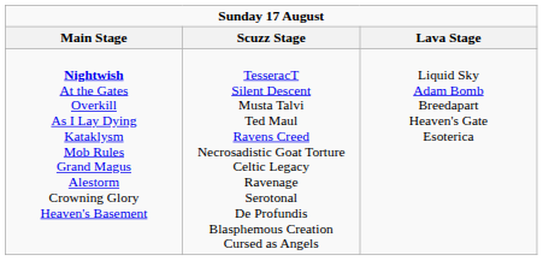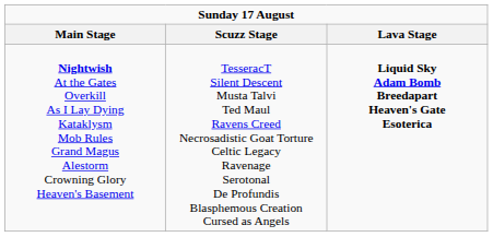 <table class="wikitable">
 <tr>
 <td colspan="3" align="center"><strong>Sunday 17 August</strong></td>
 </tr>
 <tr>
 <th>Main Stage</th>
 <th>Scuzz Stage</th>
 <th>Lava Stage</th>
 </tr>
 <tr>
 <td valign="top" align="center" width=200><br><strong><a href='#'>Nightwish</a></strong><br> <a href='#'>At the Gates</a><br> <a href='#'>Overkill</a><br> <a href='#'>As I Lay Dying</a><br> <a href='#'>Kataklysm</a><br> <a href='#'>Mob Rules</a><br> <a href='#'>Grand Magus</a><br> <a href='#'>Alestorm</a><br> Crowning Glory<br> <a href='#'>Heaven's Basement</a><br></td>
 <td valign="top" align="center" width=200><br><a href='#'>TesseracT</a><br> <a href='#'>Silent Descent</a><br> Musta Talvi<br> Ted Maul<br> <a href='#'>Ravens Creed</a><br> Necrosadistic Goat Torture<br> Celtic Legacy<br> Ravenage<br> Serotonal<br> De Profundis<br> Blasphemous Creation<br> Cursed as Angels<br></td>
-<td valign="top" align="center" width=200><br>Liquid Sky<br> <a href='#'>Adam Bomb</a><br> Breedapart<br> Heaven's Gate<br> Esoterica<br></td>
+<td valign="top" align="center" width=200><strong><br>Liquid Sky<br> <a href='#'>Adam Bomb</a><br> Breedapart<br> Heaven's Gate<br> Esoterica<br></strong></td>
 </tr>
 </table>
